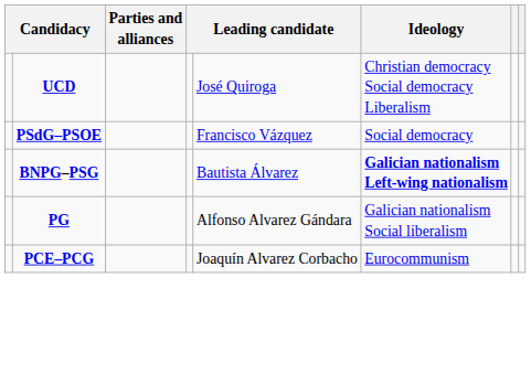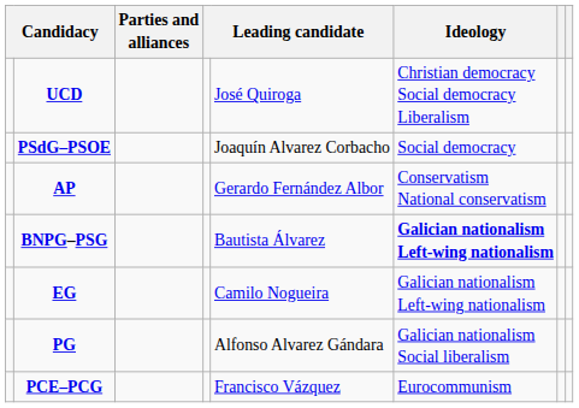 <table class="wikitable" style="line-height:1.35em; text-align:left;">
 <tr>
 <th colspan="2">Candidacy</th>
 <th>Parties and<br>alliances</th>
 <th colspan="2">Leading candidate</th>
 <th>Ideology</th>
 <th></th>
 <th></th>
 </tr>
 <tr>
 <td width="1" style="color:inherit;background:"></td>
 <td align="center"><strong><a href='#'>UCD</a></strong></td>
 <td></td>
 <td></td>
 <td><a href='#'>José Quiroga</a></td>
 <td><a href='#'>Christian democracy</a><br><a href='#'>Social democracy</a><br><a href='#'>Liberalism</a></td>
 <td></td>
 <td><br></td>
 </tr>
 <tr>
 <td style="color:inherit;background:"></td>
 <td align="center"><strong><a href='#'>PSdG–PSOE</a></strong></td>
 <td></td>
 <td></td>
-<td><a href='#'>Francisco Vázquez</a></td>
+<td>Joaquín Alvarez Corbacho</td>
 <td><a href='#'>Social democracy</a></td>
+<td></td>
+<td><br></td>
+</tr>
+<tr>
+<td style="color:inherit;background:"></td>
+<td align="center"><strong><a href='#'>AP</a></strong></td>
+<td></td>
+<td></td>
+<td><a href='#'>Gerardo Fernández Albor</a></td>
+<td><a href='#'>Conservatism</a><br><a href='#'>National conservatism</a></td>
 <td></td>
 <td><br></td>
 </tr>
 <tr>
 <td style="color:inherit;background:"></td>
 <td align="center"><strong><a href='#'>BNPG</a>–<a href='#'>PSG</a></strong></td>
 <td></td>
 <td></td>
 <td><a href='#'>Bautista Álvarez</a></td>
 <td><strong><a href='#'>Galician nationalism</a><br><a href='#'>Left-wing nationalism</a></strong></td>
+<td></td>
+<td></td>
+</tr>
+<tr>
+<td style="color:inherit;background:"></td>
+<td align="center"><strong><a href='#'>EG</a></strong></td>
+<td></td>
+<td></td>
+<td><a href='#'>Camilo Nogueira</a></td>
+<td><a href='#'>Galician nationalism</a><br><a href='#'>Left-wing nationalism</a></td>
 <td></td>
 <td></td>
 </tr>
 <tr>
 <td style="color:inherit;background:"></td>
 <td align="center"><strong><a href='#'>PG</a></strong></td>
 <td></td>
 <td></td>
 <td>Alfonso Alvarez Gándara</td>
 <td><a href='#'>Galician nationalism</a><br><a href='#'>Social liberalism</a></td>
 <td></td>
 <td><br></td>
 </tr>
 <tr>
 <td style="color:inherit;background:"></td>
 <td align="center"><strong><a href='#'>PCE–PCG</a></strong></td>
 <td></td>
 <td></td>
-<td>Joaquín Alvarez Corbacho</td>
+<td><a href='#'>Francisco Vázquez</a></td>
 <td><a href='#'>Eurocommunism</a></td>
 <td></td>
 <td></td>
 </tr>
 </table>
